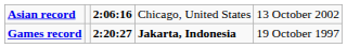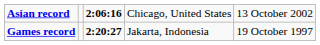 <table class="wikitable">
 <tr>
 <td><strong><a href='#'>Asian record</a></strong></td>
 <td></td>
 <td><strong>2:06:16</strong></td>
 <td>Chicago, United States</td>
 <td>13 October 2002</td>
 </tr>
 <tr>
 <td><strong><a href='#'>Games record</a></strong></td>
 <td></td>
 <td><strong>2:20:27</strong></td>
-<td><strong>Jakarta, Indonesia</strong></td>
+<td>Jakarta, Indonesia</td>
 <td>19 October 1997</td>
 </tr>
 </table>
